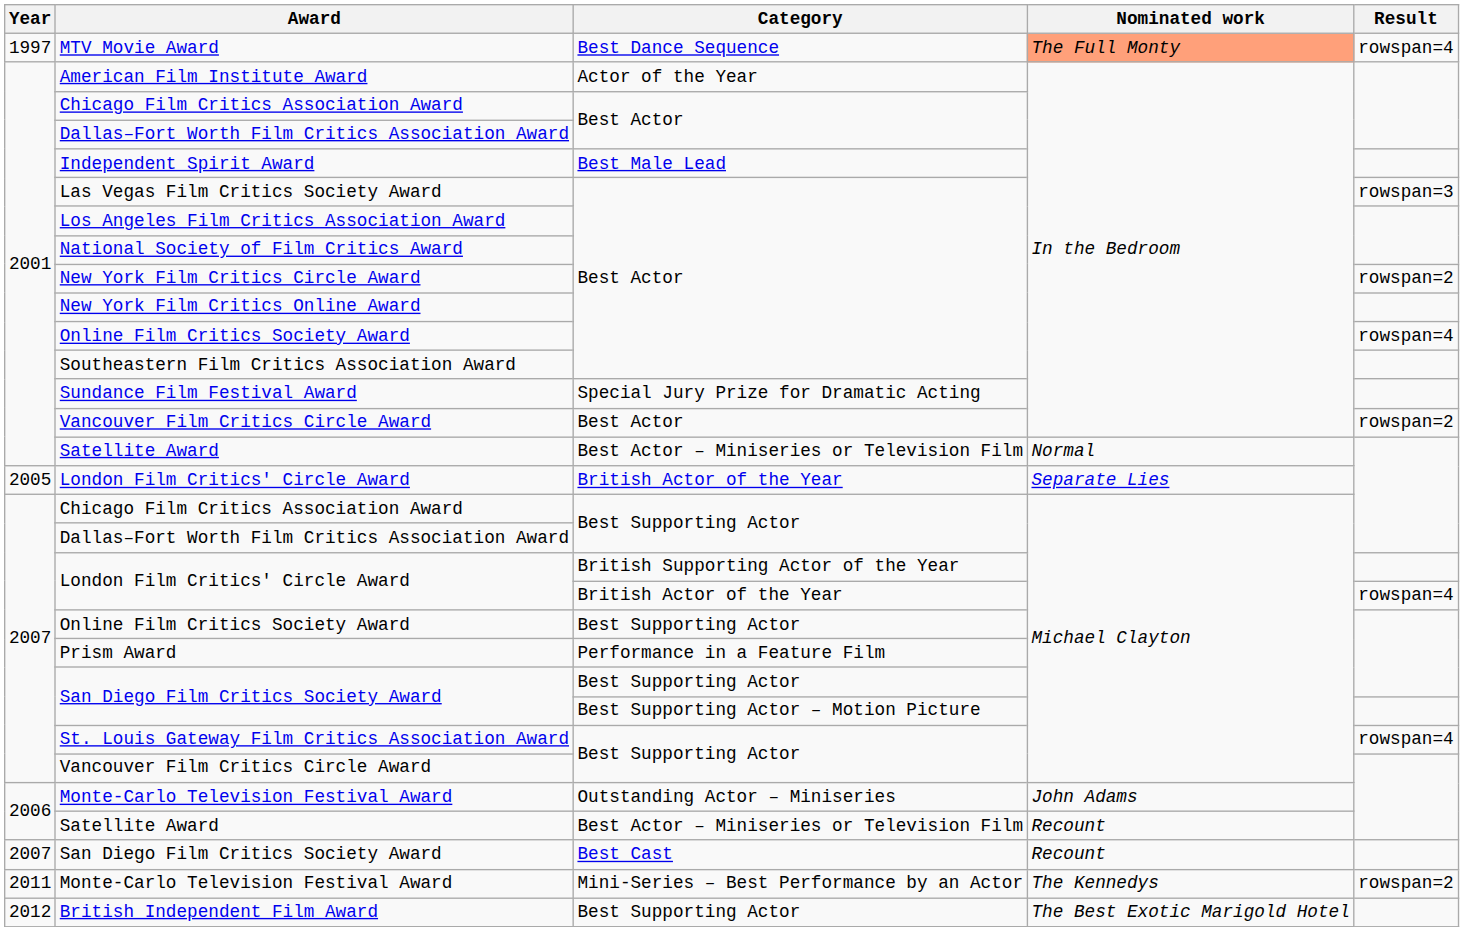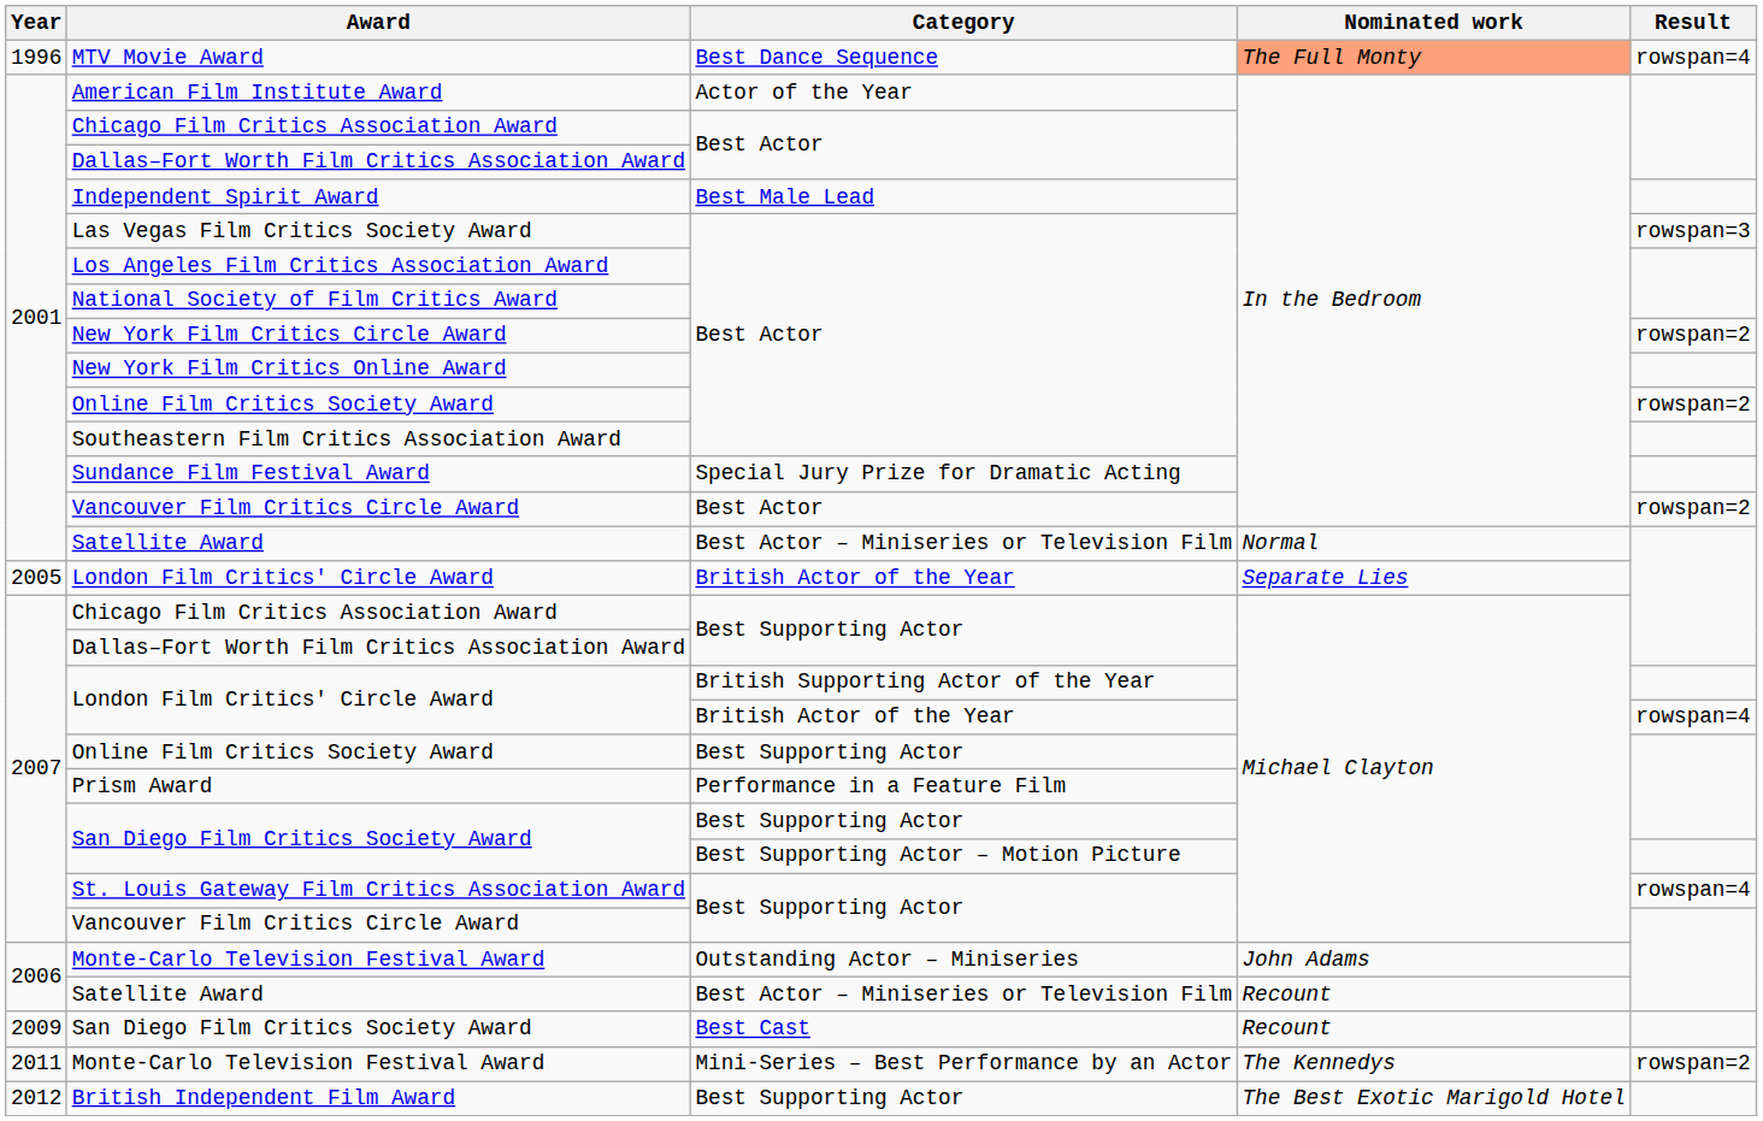 <table class="wikitable sortable">
 <tr>
 <th>Year</th>
 <th>Award</th>
 <th>Category</th>
 <th>Nominated work</th>
 <th>Result</th>
 </tr>
 <tr>
-<td>1997</td>
+<td>1996</td>
 <td><a href='#'>MTV Movie Award</a></td>
 <td><a href='#'>Best Dance Sequence</a></td>
 <td style="background: lightsalmon;"><em>The Full Monty</em></td>
 <td>rowspan=4 </td>
 </tr>
 <tr>
 <td rowspan=14>2001</td>
 <td><a href='#'>American Film Institute Award</a></td>
 <td>Actor of the Year</td>
 <td rowspan=13><em>In the Bedroom</em></td>
 </tr>
 <tr>
 <td><a href='#'>Chicago Film Critics Association Award</a></td>
 <td rowspan=2>Best Actor</td>
 </tr>
 <tr>
 <td><a href='#'>Dallas–Fort Worth Film Critics Association Award</a></td>
 </tr>
 <tr>
 <td><a href='#'>Independent Spirit Award</a></td>
 <td><a href='#'>Best Male Lead</a></td>
 <td></td>
 </tr>
 <tr>
 <td>Las Vegas Film Critics Society Award</td>
 <td rowspan=7>Best Actor</td>
 <td>rowspan=3 </td>
 </tr>
 <tr>
 <td><a href='#'>Los Angeles Film Critics Association Award</a></td>
 </tr>
 <tr>
 <td><a href='#'>National Society of Film Critics Award</a></td>
 </tr>
 <tr>
 <td><a href='#'>New York Film Critics Circle Award</a></td>
 <td>rowspan=2 </td>
 </tr>
 <tr>
 <td><a href='#'>New York Film Critics Online Award</a></td>
 </tr>
 <tr>
 <td><a href='#'>Online Film Critics Society Award</a></td>
-<td>rowspan=4 </td>
+<td>rowspan=2 </td>
 </tr>
 <tr>
 <td>Southeastern Film Critics Association Award</td>
 </tr>
 <tr>
 <td><a href='#'>Sundance Film Festival Award</a></td>
 <td>Special Jury Prize for Dramatic Acting</td>
 <td></td>
 </tr>
 <tr>
 <td><a href='#'>Vancouver Film Critics Circle Award</a></td>
 <td>Best Actor</td>
 <td>rowspan=2 </td>
 </tr>
 <tr>
 <td><a href='#'>Satellite Award</a></td>
 <td>Best Actor – Miniseries or Television Film</td>
 <td><em>Normal</em></td>
 </tr>
 <tr>
 <td>2005</td>
 <td><a href='#'>London Film Critics' Circle Award</a></td>
 <td><a href='#'>British Actor of the Year</a></td>
 <td><em><a href='#'>Separate Lies</a></em></td>
 </tr>
 <tr>
 <td rowspan=10>2007</td>
 <td>Chicago Film Critics Association Award</td>
 <td rowspan=2>Best Supporting Actor</td>
 <td rowspan=10><em>Michael Clayton</em></td>
 </tr>
 <tr>
 <td>Dallas–Fort Worth Film Critics Association Award</td>
 </tr>
 <tr>
 <td rowspan=2>London Film Critics' Circle Award</td>
 <td>British Supporting Actor of the Year</td>
 <td></td>
 </tr>
 <tr>
 <td>British Actor of the Year</td>
 <td>rowspan=4 </td>
 </tr>
 <tr>
 <td>Online Film Critics Society Award</td>
 <td>Best Supporting Actor</td>
 </tr>
 <tr>
 <td>Prism Award</td>
 <td>Performance in a Feature Film</td>
 </tr>
 <tr>
 <td rowspan=2><a href='#'>San Diego Film Critics Society Award</a></td>
 <td>Best Supporting Actor</td>
 </tr>
 <tr>
 <td>Best Supporting Actor – Motion Picture</td>
 <td></td>
 </tr>
 <tr>
 <td><a href='#'>St. Louis Gateway Film Critics Association Award</a></td>
 <td rowspan=2>Best Supporting Actor</td>
 <td>rowspan=4 </td>
 </tr>
 <tr>
 <td>Vancouver Film Critics Circle Award</td>
 </tr>
 <tr>
 <td rowspan=2>2006</td>
 <td><a href='#'>Monte-Carlo Television Festival Award</a></td>
 <td>Outstanding Actor – Miniseries</td>
 <td><em>John Adams</em></td>
 </tr>
 <tr>
 <td>Satellite Award</td>
 <td>Best Actor – Miniseries or Television Film</td>
 <td><em>Recount</em></td>
 </tr>
 <tr>
-<td>2007</td>
+<td>2009</td>
 <td>San Diego Film Critics Society Award</td>
 <td><a href='#'>Best Cast</a></td>
 <td><em>Recount</em></td>
 <td></td>
 </tr>
 <tr>
 <td>2011</td>
 <td>Monte-Carlo Television Festival Award</td>
 <td>Mini-Series – Best Performance by an Actor</td>
 <td><em>The Kennedys</em></td>
 <td>rowspan=2 </td>
 </tr>
 <tr>
 <td rowspan=2>2012</td>
 <td><a href='#'>British Independent Film Award</a></td>
 <td>Best Supporting Actor</td>
 <td><em>The Best Exotic Marigold Hotel</em></td>
 </tr>
 <tr>
 </tr>
 </table>
